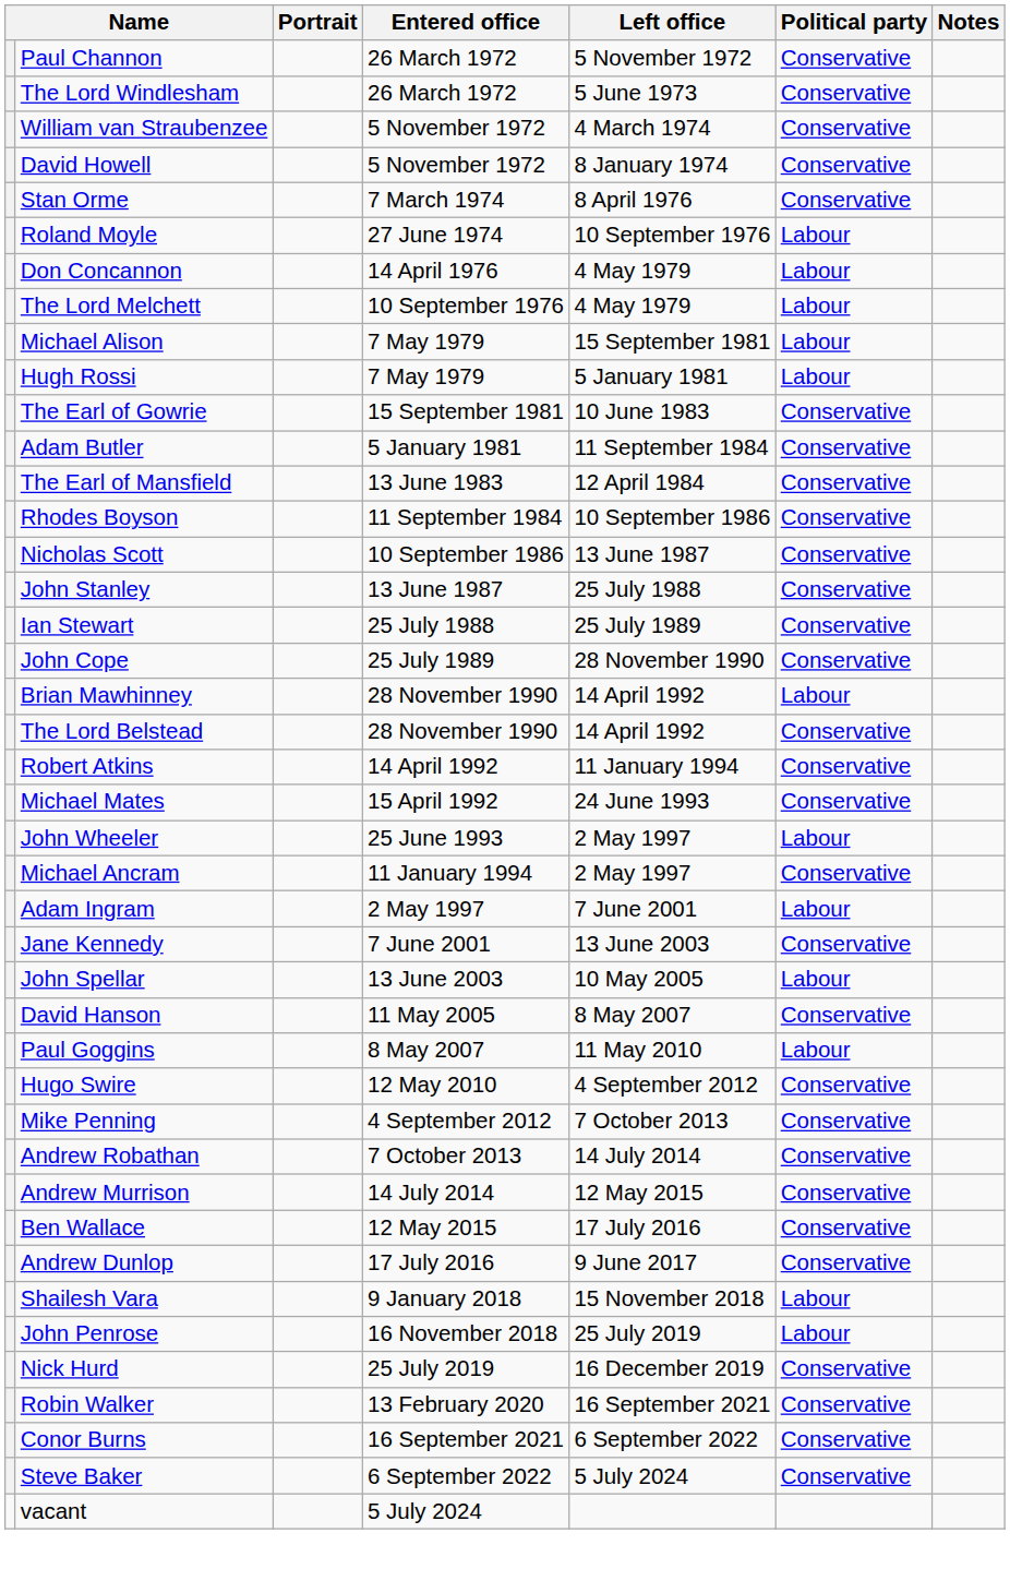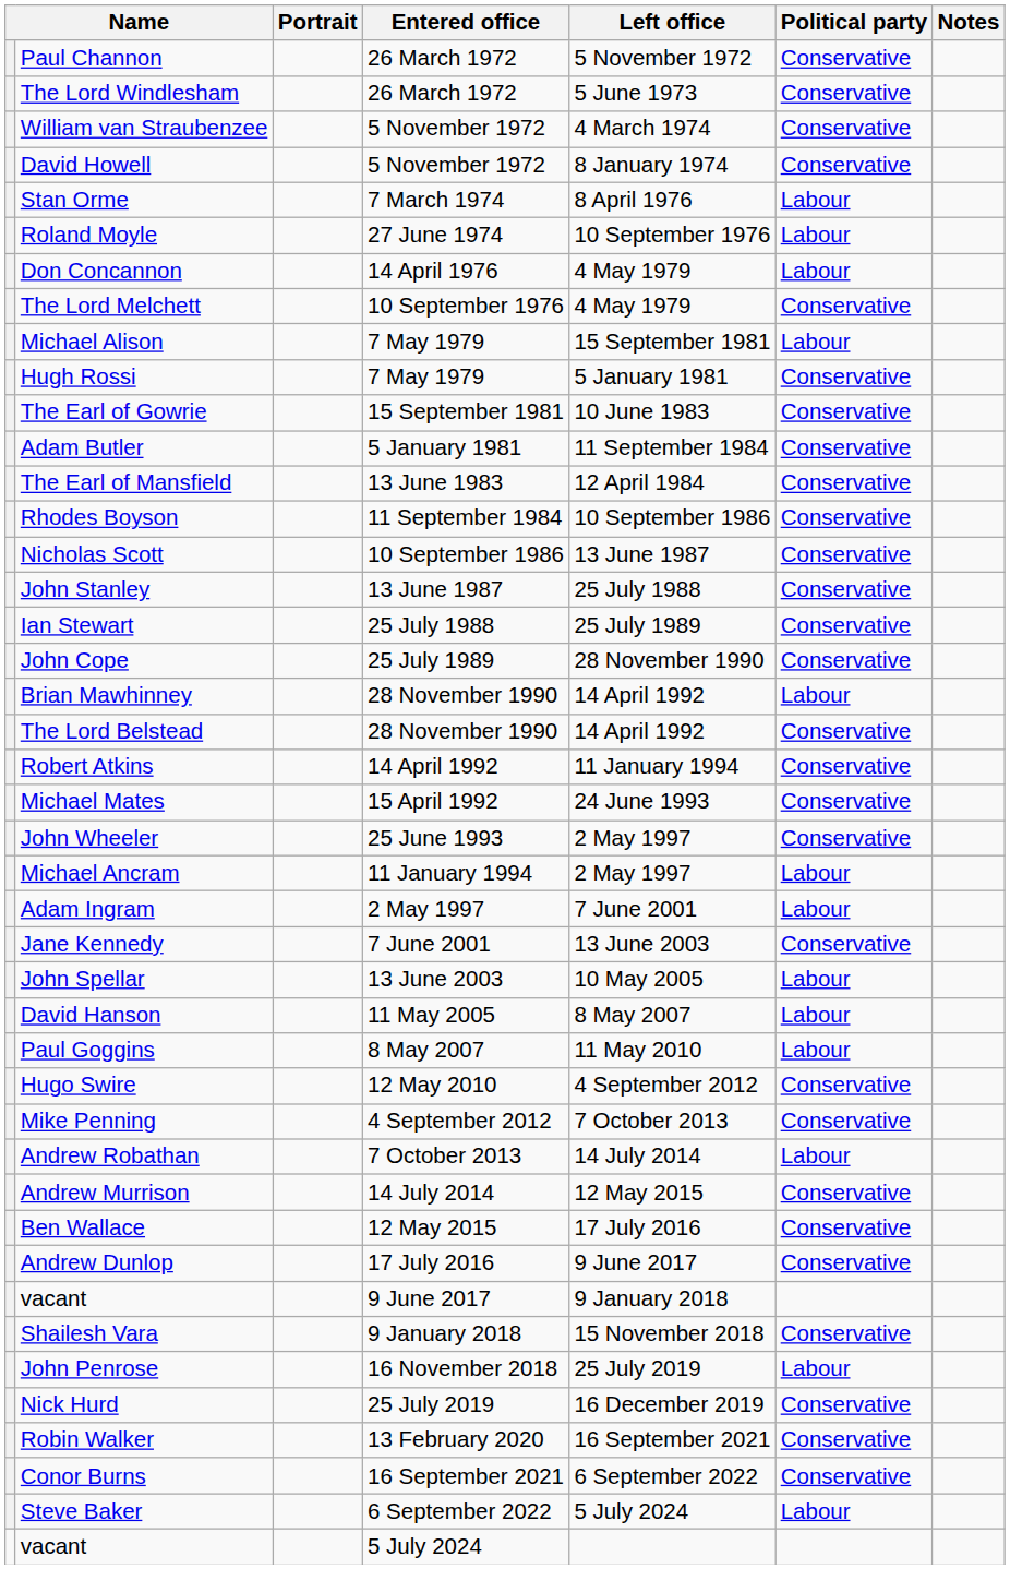 <table class="wikitable">
 <tr>
 <th colspan=2>Name</th>
 <th>Portrait</th>
 <th>Entered office</th>
 <th>Left office</th>
 <th>Political party</th>
 <th>Notes</th>
 </tr>
 <tr>
 <th style="background-color: "></th>
 <td><a href='#'>Paul Channon</a></td>
 <td></td>
 <td>26 March 1972</td>
 <td>5 November 1972</td>
 <td><a href='#'>Conservative</a></td>
 <td></td>
 </tr>
 <tr>
 <th style="background-color: "></th>
 <td><a href='#'>The Lord Windlesham</a></td>
 <td></td>
 <td>26 March 1972</td>
 <td>5 June 1973</td>
 <td><a href='#'>Conservative</a></td>
 <td></td>
 </tr>
 <tr>
 <th style="background-color: "></th>
 <td><a href='#'>William van Straubenzee</a></td>
 <td></td>
 <td>5 November 1972</td>
 <td>4 March 1974</td>
 <td><a href='#'>Conservative</a></td>
 <td></td>
 </tr>
 <tr>
 <th style="background-color: "></th>
 <td><a href='#'>David Howell</a></td>
 <td></td>
 <td>5 November 1972</td>
 <td>8 January 1974</td>
 <td><a href='#'>Conservative</a></td>
 <td></td>
 </tr>
 <tr>
 <th style="background-color: "></th>
 <td><a href='#'>Stan Orme</a></td>
 <td></td>
 <td>7 March 1974</td>
 <td>8 April 1976</td>
-<td><a href='#'>Conservative</a></td>
+<td><a href='#'>Labour</a></td>
 <td></td>
 </tr>
 <tr>
 <th style="background-color: "></th>
 <td><a href='#'>Roland Moyle</a></td>
 <td></td>
 <td>27 June 1974</td>
 <td>10 September 1976</td>
 <td><a href='#'>Labour</a></td>
 <td></td>
 </tr>
 <tr>
 <th style="background-color: "></th>
 <td><a href='#'>Don Concannon</a></td>
 <td></td>
 <td>14 April 1976</td>
 <td>4 May 1979</td>
 <td><a href='#'>Labour</a></td>
 <td></td>
 </tr>
 <tr>
 <th style="background-color: "></th>
 <td><a href='#'>The Lord Melchett</a></td>
 <td></td>
 <td>10 September 1976</td>
 <td>4 May 1979</td>
-<td><a href='#'>Labour</a></td>
+<td><a href='#'>Conservative</a></td>
 <td></td>
 </tr>
 <tr>
 <th style="background-color: "></th>
 <td><a href='#'>Michael Alison</a></td>
 <td></td>
 <td>7 May 1979</td>
 <td>15 September 1981</td>
 <td><a href='#'>Labour</a></td>
 <td></td>
 </tr>
 <tr>
 <th style="background-color: "></th>
 <td><a href='#'>Hugh Rossi</a></td>
 <td></td>
 <td>7 May 1979</td>
 <td>5 January 1981</td>
-<td><a href='#'>Labour</a></td>
+<td><a href='#'>Conservative</a></td>
 <td></td>
 </tr>
 <tr>
 <th style="background-color: "></th>
 <td><a href='#'>The Earl of Gowrie</a></td>
 <td></td>
 <td>15 September 1981</td>
 <td>10 June 1983</td>
 <td><a href='#'>Conservative</a></td>
 <td></td>
 </tr>
 <tr>
 <th style="background-color: "></th>
 <td><a href='#'>Adam Butler</a></td>
 <td></td>
 <td>5 January 1981</td>
 <td>11 September 1984</td>
 <td><a href='#'>Conservative</a></td>
 <td></td>
 </tr>
 <tr>
 <th style="background-color: "></th>
 <td><a href='#'>The Earl of Mansfield</a></td>
 <td></td>
 <td>13 June 1983</td>
 <td>12 April 1984</td>
 <td><a href='#'>Conservative</a></td>
 <td></td>
 </tr>
 <tr>
 <th style="background-color: "></th>
 <td><a href='#'>Rhodes Boyson</a></td>
 <td></td>
 <td>11 September 1984</td>
 <td>10 September 1986</td>
 <td><a href='#'>Conservative</a></td>
 <td></td>
 </tr>
 <tr>
 <th style="background-color: "></th>
 <td><a href='#'>Nicholas Scott</a></td>
 <td></td>
 <td>10 September 1986</td>
 <td>13 June 1987</td>
 <td><a href='#'>Conservative</a></td>
 <td></td>
 </tr>
 <tr>
 <th style="background-color: "></th>
 <td><a href='#'>John Stanley</a></td>
 <td></td>
 <td>13 June 1987</td>
 <td>25 July 1988</td>
 <td><a href='#'>Conservative</a></td>
 <td></td>
 </tr>
 <tr>
 <th style="background-color: "></th>
 <td><a href='#'>Ian Stewart</a></td>
 <td></td>
 <td>25 July 1988</td>
 <td>25 July 1989</td>
 <td><a href='#'>Conservative</a></td>
 <td></td>
 </tr>
 <tr>
 <th style="background-color: "></th>
 <td><a href='#'>John Cope</a></td>
 <td></td>
 <td>25 July 1989</td>
 <td>28 November 1990</td>
 <td><a href='#'>Conservative</a></td>
 <td></td>
 </tr>
 <tr>
 <th style="background-color: "></th>
 <td><a href='#'>Brian Mawhinney</a></td>
 <td></td>
 <td>28 November 1990</td>
 <td>14 April 1992</td>
 <td><a href='#'>Labour</a></td>
 <td></td>
 </tr>
 <tr>
 <th style="background-color: "></th>
 <td><a href='#'>The Lord Belstead</a></td>
 <td></td>
 <td>28 November 1990</td>
 <td>14 April 1992</td>
 <td><a href='#'>Conservative</a></td>
 <td></td>
 </tr>
 <tr>
 <th style="background-color: "></th>
 <td><a href='#'>Robert Atkins</a></td>
 <td></td>
 <td>14 April 1992</td>
 <td>11 January 1994</td>
 <td><a href='#'>Conservative</a></td>
 <td></td>
 </tr>
 <tr>
 <th style="background-color: "></th>
 <td><a href='#'>Michael Mates</a></td>
 <td></td>
 <td>15 April 1992</td>
 <td>24 June 1993</td>
 <td><a href='#'>Conservative</a></td>
 <td></td>
 </tr>
 <tr>
 <th style="background-color: "></th>
 <td><a href='#'>John Wheeler</a></td>
 <td></td>
 <td>25 June 1993</td>
 <td>2 May 1997</td>
-<td><a href='#'>Labour</a></td>
+<td><a href='#'>Conservative</a></td>
 <td></td>
 </tr>
 <tr>
 <th style="background-color: "></th>
 <td><a href='#'>Michael Ancram</a></td>
 <td></td>
 <td>11 January 1994</td>
 <td>2 May 1997</td>
-<td><a href='#'>Conservative</a></td>
+<td><a href='#'>Labour</a></td>
 <td></td>
 </tr>
 <tr>
 <th style="background-color: "></th>
 <td><a href='#'>Adam Ingram</a></td>
 <td></td>
 <td>2 May 1997</td>
 <td>7 June 2001</td>
 <td><a href='#'>Labour</a></td>
 <td></td>
 </tr>
 <tr>
 <th style="background-color: "></th>
 <td><a href='#'>Jane Kennedy</a></td>
 <td></td>
 <td>7 June 2001</td>
 <td>13 June 2003</td>
 <td><a href='#'>Conservative</a></td>
 <td></td>
 </tr>
 <tr>
 <th style="background-color: "></th>
 <td><a href='#'>John Spellar</a></td>
 <td></td>
 <td>13 June 2003</td>
 <td>10 May 2005</td>
 <td><a href='#'>Labour</a></td>
 <td></td>
 </tr>
 <tr>
 <th style="background-color: "></th>
 <td><a href='#'>David Hanson</a></td>
 <td></td>
 <td>11 May 2005</td>
 <td>8 May 2007</td>
-<td><a href='#'>Conservative</a></td>
+<td><a href='#'>Labour</a></td>
 <td></td>
 </tr>
 <tr>
 <th style="background-color: "></th>
 <td><a href='#'>Paul Goggins</a></td>
 <td></td>
 <td>8 May 2007</td>
 <td>11 May 2010</td>
 <td><a href='#'>Labour</a></td>
 <td></td>
 </tr>
 <tr>
 <th style="background-color: "></th>
 <td><a href='#'>Hugo Swire</a></td>
 <td></td>
 <td>12 May 2010</td>
 <td>4 September 2012</td>
 <td><a href='#'>Conservative</a></td>
 <td></td>
 </tr>
 <tr>
 <th style="background-color: "></th>
 <td><a href='#'>Mike Penning</a></td>
 <td></td>
 <td>4 September 2012</td>
 <td>7 October 2013</td>
 <td><a href='#'>Conservative</a></td>
 <td></td>
 </tr>
 <tr>
 <th style="background-color: "></th>
 <td><a href='#'>Andrew Robathan</a></td>
 <td></td>
 <td>7 October 2013</td>
 <td>14 July 2014</td>
-<td><a href='#'>Conservative</a></td>
+<td><a href='#'>Labour</a></td>
 <td></td>
 </tr>
 <tr>
 <th style="background-color: "></th>
 <td><a href='#'>Andrew Murrison</a></td>
 <td></td>
 <td>14 July 2014</td>
 <td>12 May 2015</td>
 <td><a href='#'>Conservative</a></td>
 <td></td>
 </tr>
 <tr>
 <th style="background-color: "></th>
 <td><a href='#'>Ben Wallace</a></td>
 <td></td>
 <td>12 May 2015</td>
 <td>17 July 2016</td>
 <td><a href='#'>Conservative</a></td>
 <td></td>
 </tr>
 <tr>
 <th style="background-color: "></th>
 <td><a href='#'>Andrew Dunlop</a></td>
 <td></td>
 <td>17 July 2016</td>
 <td>9 June 2017</td>
 <td><a href='#'>Conservative</a></td>
 <td></td>
 </tr>
 <tr>
 <th style="background-color: "></th>
+<td>vacant</td>
+<td></td>
+<td>9 June 2017</td>
+<td>9 January 2018</td>
+<td></td>
+<td></td>
+</tr>
+<tr>
+<th style="background-color: "></th>
 <td><a href='#'>Shailesh Vara</a></td>
 <td></td>
 <td>9 January 2018</td>
 <td>15 November 2018</td>
-<td><a href='#'>Labour</a></td>
+<td><a href='#'>Conservative</a></td>
 <td></td>
 </tr>
 <tr>
 <th style="background-color: "></th>
 <td><a href='#'>John Penrose</a></td>
 <td></td>
 <td>16 November 2018</td>
 <td>25 July 2019</td>
 <td><a href='#'>Labour</a></td>
 <td></td>
 </tr>
 <tr>
 <th style="background-color: "></th>
 <td><a href='#'>Nick Hurd</a></td>
 <td></td>
 <td>25 July 2019</td>
 <td>16 December 2019</td>
 <td><a href='#'>Conservative</a></td>
 <td></td>
 </tr>
 <tr>
 <th style="background-color: "></th>
 <td><a href='#'>Robin Walker</a></td>
 <td></td>
 <td>13 February 2020</td>
 <td>16 September 2021</td>
 <td><a href='#'>Conservative</a></td>
 <td></td>
 </tr>
 <tr>
 <th style="background-color: "></th>
 <td><a href='#'>Conor Burns</a></td>
 <td></td>
 <td>16 September 2021</td>
 <td>6 September 2022</td>
 <td><a href='#'>Conservative</a></td>
 <td></td>
 </tr>
 <tr>
 <th style="background-color: "></th>
 <td><a href='#'>Steve Baker</a></td>
 <td></td>
 <td>6 September 2022</td>
 <td>5 July 2024</td>
-<td><a href='#'>Conservative</a></td>
+<td><a href='#'>Labour</a></td>
 <td></td>
 </tr>
 <tr>
 <td></td>
 <td>vacant</td>
 <td></td>
 <td>5 July 2024</td>
 <td></td>
 <td></td>
 <td></td>
 </tr>
 </table>
